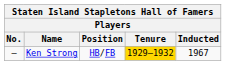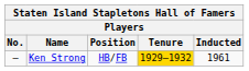 <table class="wikitable" style="text-align:center">
 <tr>
 <th colspan="5">Staten Island Stapletons Hall of Famers</th>
 </tr>
 <tr>
 <th colspan="5">Players</th>
 </tr>
 <tr>
 <th>No.</th>
 <th>Name</th>
 <th>Position</th>
 <th>Tenure</th>
 <th>Inducted</th>
 </tr>
 <tr>
 <td>—</td>
 <td><a href='#'>Ken Strong</a></td>
 <td><a href='#'>HB</a>/<a href='#'>FB</a></td>
 <td style="background: gold;">1929–1932</td>
-<td>1967</td>
+<td>1961</td>
 </tr>
 </table>
